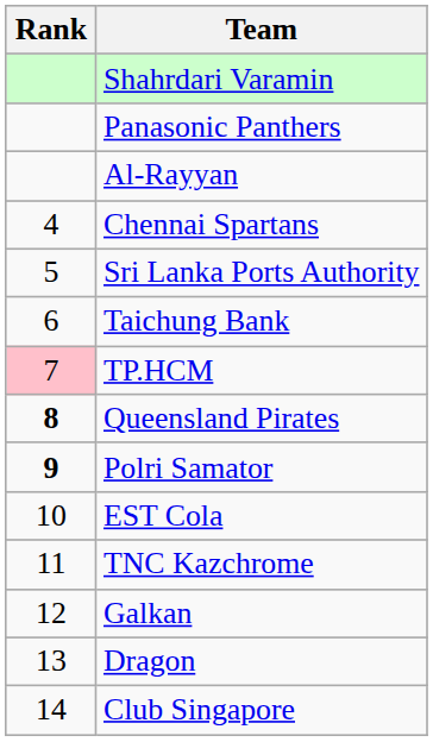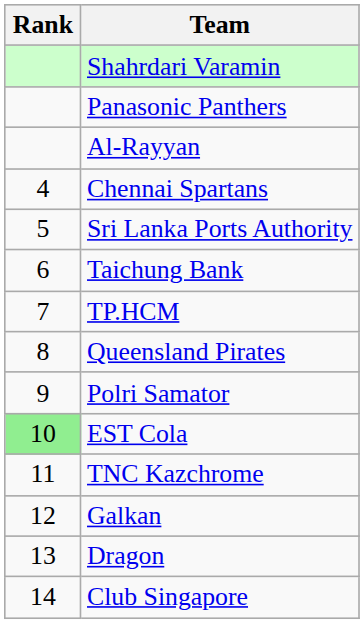 <table class="wikitable" style="text-align:center;">
 <tr>
 <th width=40>Rank</th>
 <th>Team</th>
 </tr>
 <tr bgcolor=#ccffcc>
 <td></td>
 <td style="text-align:left;"> <a href='#'>Shahrdari Varamin</a></td>
 </tr>
 <tr>
 <td></td>
 <td style="text-align:left;"> <a href='#'>Panasonic Panthers</a></td>
 </tr>
 <tr>
 <td></td>
 <td style="text-align:left;"> <a href='#'>Al-Rayyan</a></td>
 </tr>
 <tr>
 <td>4</td>
 <td style="text-align:left;"> <a href='#'>Chennai Spartans</a></td>
 </tr>
 <tr>
 <td>5</td>
 <td style="text-align:left;"> <a href='#'>Sri Lanka Ports Authority</a></td>
 </tr>
 <tr>
 <td>6</td>
 <td style="text-align:left;"> <a href='#'>Taichung Bank</a></td>
 </tr>
 <tr>
-<td style="background: pink;">7</td>
+<td>7</td>
 <td style="text-align:left;"> <a href='#'>TP.HCM</a></td>
 </tr>
 <tr>
-<td><strong>8</strong></td>
+<td>8</td>
 <td style="text-align:left;"> <a href='#'>Queensland Pirates</a></td>
 </tr>
 <tr>
-<td><strong>9</strong></td>
+<td>9</td>
 <td style="text-align:left;"> <a href='#'>Polri Samator</a></td>
 </tr>
 <tr>
-<td>10</td>
+<td style="background: lightgreen;">10</td>
 <td style="text-align:left;"> <a href='#'>EST Cola</a></td>
 </tr>
 <tr>
 <td>11</td>
 <td style="text-align:left;"> <a href='#'>TNC Kazchrome</a></td>
 </tr>
 <tr>
 <td>12</td>
 <td style="text-align:left;"> <a href='#'>Galkan</a></td>
 </tr>
 <tr>
 <td>13</td>
 <td style="text-align:left;"> <a href='#'>Dragon</a></td>
 </tr>
 <tr>
 <td>14</td>
 <td style="text-align:left;"> <a href='#'>Club Singapore</a></td>
 </tr>
 </table>
